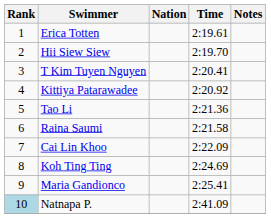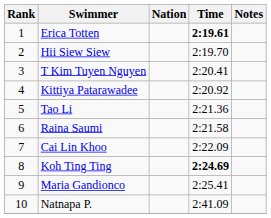 <table class="wikitable sortable" style="text-align:center">
 <tr>
 <th>Rank</th>
 <th>Swimmer</th>
 <th>Nation</th>
 <th>Time</th>
 <th>Notes</th>
 </tr>
 <tr>
 <td>1</td>
 <td align=left><a href='#'>Erica Totten</a></td>
 <td align=left></td>
-<td>2:19.61</td>
+<td><strong>2:19.61</strong></td>
 <td></td>
 </tr>
 <tr>
 <td>2</td>
 <td align=left><a href='#'>Hii Siew Siew</a></td>
 <td align=left></td>
 <td>2:19.70</td>
 <td></td>
 </tr>
 <tr>
 <td>3</td>
 <td align=left><a href='#'>T Kim Tuyen Nguyen</a></td>
 <td align=left></td>
 <td>2:20.41</td>
 <td></td>
 </tr>
 <tr>
 <td>4</td>
 <td align=left><a href='#'>Kittiya Patarawadee</a></td>
 <td align=left></td>
 <td>2:20.92</td>
 <td></td>
 </tr>
 <tr>
 <td>5</td>
 <td align=left><a href='#'>Tao Li</a></td>
 <td align=left></td>
 <td>2:21.36</td>
 <td></td>
 </tr>
 <tr>
 <td>6</td>
 <td align=left><a href='#'>Raina Saumi</a></td>
 <td align=left></td>
 <td>2:21.58</td>
 <td></td>
 </tr>
 <tr>
 <td>7</td>
 <td align=left><a href='#'>Cai Lin Khoo</a></td>
 <td align=left></td>
 <td>2:22.09</td>
 <td></td>
 </tr>
 <tr>
 <td>8</td>
 <td align=left><a href='#'>Koh Ting Ting</a></td>
 <td align=left></td>
-<td>2:24.69</td>
+<td><strong>2:24.69</strong></td>
 <td></td>
 </tr>
 <tr>
 <td>9</td>
 <td align=left><a href='#'>Maria Gandionco</a></td>
 <td align=left></td>
 <td>2:25.41</td>
 <td></td>
 </tr>
 <tr>
-<td style="background: lightblue;">10</td>
+<td>10</td>
 <td align=left>Natnapa P.</td>
 <td align=left></td>
 <td>2:41.09</td>
 <td></td>
 </tr>
 <tr>
 </tr>
 </table>
